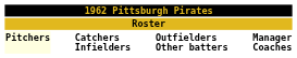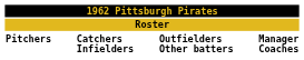 <table class="toccolours" style="font-size: 95%;">
 <tr>
 <th colspan="10" style="background-color: black; color: #e1b81e; text-align: center;">1962 Pittsburgh Pirates</th>
 </tr>
 <tr>
 <td colspan="10" style="background-color: #e1b81e; color: black; text-align: center;"><strong>Roster</strong></td>
 </tr>
 <tr>
-<td valign="top" style="background: lightyellow;"><strong>Pitchers</strong><br>              </td>
+<td valign="top"><strong>Pitchers</strong><br>              </td>
 <td width="25px"></td>
 <td valign="top"><strong>Catchers</strong><br>     <strong>Infielders</strong>         </td>
 <td width="25px"></td>
 <td valign="top"><strong>Outfielders</strong><br>      <strong>Other batters</strong> </td>
 <td width="25px"></td>
 <td valign="top"><strong>Manager</strong><br> <strong>Coaches</strong>     </td>
 </tr>
 </table>
